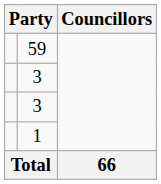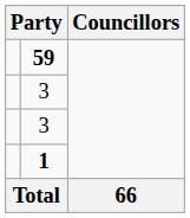 <table class="wikitable">
 <tr>
 <th colspan=2>Party</th>
 <th>Councillors</th>
 </tr>
 <tr>
 <td></td>
-<td align=center>59</td>
+<td align=center><strong>59</strong></td>
 </tr>
 <tr>
 <td></td>
 <td align=center>3</td>
 </tr>
 <tr>
 <td></td>
 <td align=center>3</td>
 </tr>
 <tr>
 <td></td>
-<td align=center>1</td>
+<td align=center><strong>1</strong></td>
 </tr>
 <tr>
 <th colspan=2>Total</th>
 <th>66</th>
 </tr>
 </table>
